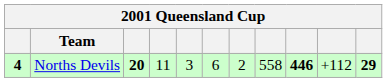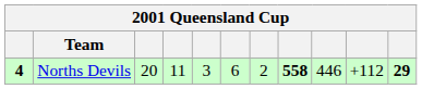 <table class="wikitable" style="text-align:center;">
 <tr>
 <th colspan="11">2001 Queensland Cup</th>
 </tr>
 <tr>
 <th width="20"></th>
 <th>Team</th>
 <th width="20"></th>
 <th width="20"></th>
 <th width="20"></th>
 <th width="20"></th>
 <th width="20"></th>
 <th width="25"></th>
 <th width="25"></th>
 <th width="30"></th>
 <th width="20"></th>
 </tr>
 <tr style="background: #ccffcc;">
 <td><strong>4</strong></td>
 <td style="text-align:left;"> <a href='#'>Norths Devils</a></td>
-<td><strong>20</strong></td>
+<td>20</td>
 <td>11</td>
 <td>3</td>
 <td>6</td>
 <td>2</td>
-<td>558</td>
-<td><strong>446</strong></td>
+<td><strong>558</strong></td>
+<td>446</td>
 <td>+112</td>
 <td><strong>29</strong></td>
 </tr>
 </table>
